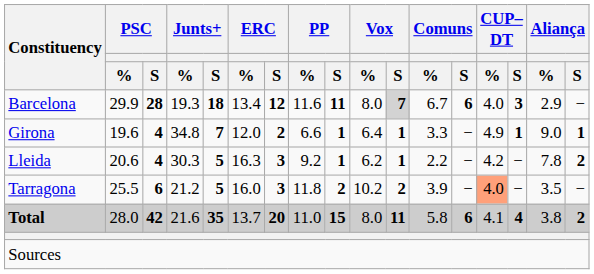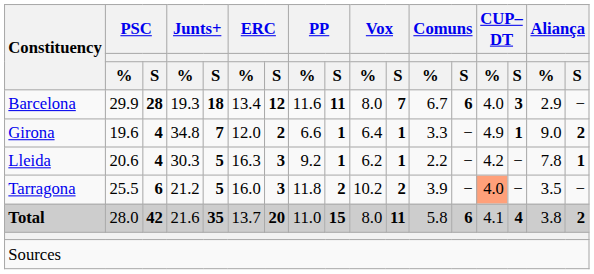 <table class="wikitable sortable" style="text-align:right; line-height:20px;">
 <tr>
 <th rowspan="3">Constituency</th>
 <th colspan="2" width="30px" class="unsortable"><a href='#'>PSC</a></th>
 <th colspan="2" width="30px" class="unsortable"><a href='#'>Junts+</a></th>
 <th colspan="2" width="30px" class="unsortable"><a href='#'>ERC</a></th>
 <th colspan="2" width="30px" class="unsortable"><a href='#'>PP</a></th>
 <th colspan="2" width="30px" class="unsortable"><a href='#'>Vox</a></th>
 <th colspan="2" width="30px" class="unsortable"><a href='#'>Comuns</a></th>
 <th colspan="2" width="30px" class="unsortable"><a href='#'>CUP–DT</a></th>
 <th colspan="2" width="30px" class="unsortable"><a href='#'>Aliança</a></th>
 </tr>
 <tr>
 <th colspan="2" style="background:"></th>
 <th colspan="2" style="background:"></th>
 <th colspan="2" style="background:"></th>
 <th colspan="2" style="background:"></th>
 <th colspan="2" style="background:"></th>
 <th colspan="2" style="background:"></th>
 <th colspan="2" style="background:"></th>
 <th colspan="2" style="background:"></th>
 </tr>
 <tr>
 <th data-sort-type="number">%</th>
 <th data-sort-type="number">S</th>
 <th data-sort-type="number">%</th>
 <th data-sort-type="number">S</th>
 <th data-sort-type="number">%</th>
 <th data-sort-type="number">S</th>
 <th data-sort-type="number">%</th>
 <th data-sort-type="number">S</th>
 <th data-sort-type="number">%</th>
 <th data-sort-type="number">S</th>
 <th data-sort-type="number">%</th>
 <th data-sort-type="number">S</th>
 <th data-sort-type="number">%</th>
 <th data-sort-type="number">S</th>
 <th data-sort-type="number">%</th>
 <th data-sort-type="number">S</th>
 </tr>
 <tr>
 <td align="left"><a href='#'>Barcelona</a></td>
 <td style="background:">29.9</td>
 <td><strong>28</strong></td>
 <td>19.3</td>
 <td><strong>18</strong></td>
 <td>13.4</td>
 <td><strong>12</strong></td>
 <td>11.6</td>
 <td><strong>11</strong></td>
 <td>8.0</td>
-<td style="background: lightgrey;"><strong>7</strong></td>
+<td><strong>7</strong></td>
 <td>6.7</td>
 <td><strong>6</strong></td>
 <td>4.0</td>
 <td><strong>3</strong></td>
 <td>2.9</td>
 <td>−</td>
 </tr>
 <tr>
 <td align="left"><a href='#'>Girona</a></td>
 <td>19.6</td>
 <td><strong>4</strong></td>
 <td style="background:">34.8</td>
 <td><strong>7</strong></td>
 <td>12.0</td>
 <td><strong>2</strong></td>
 <td>6.6</td>
 <td><strong>1</strong></td>
 <td>6.4</td>
 <td><strong>1</strong></td>
 <td>3.3</td>
 <td>−</td>
 <td>4.9</td>
 <td><strong>1</strong></td>
 <td>9.0</td>
-<td><strong>1</strong></td>
+<td><strong>2</strong></td>
 </tr>
 <tr>
 <td align="left"><a href='#'>Lleida</a></td>
 <td>20.6</td>
 <td><strong>4</strong></td>
 <td style="background:">30.3</td>
 <td><strong>5</strong></td>
 <td>16.3</td>
 <td><strong>3</strong></td>
 <td>9.2</td>
 <td><strong>1</strong></td>
 <td>6.2</td>
 <td><strong>1</strong></td>
 <td>2.2</td>
 <td>−</td>
 <td>4.2</td>
 <td>−</td>
 <td>7.8</td>
-<td><strong>2</strong></td>
+<td><strong>1</strong></td>
 </tr>
 <tr>
 <td align="left"><a href='#'>Tarragona</a></td>
 <td style="background:">25.5</td>
 <td><strong>6</strong></td>
 <td>21.2</td>
 <td><strong>5</strong></td>
 <td>16.0</td>
 <td><strong>3</strong></td>
 <td>11.8</td>
 <td><strong>2</strong></td>
 <td>10.2</td>
 <td><strong>2</strong></td>
 <td>3.9</td>
 <td>−</td>
 <td style="background: lightsalmon;">4.0</td>
 <td>−</td>
 <td>3.5</td>
 <td>−</td>
 </tr>
 <tr style="background:#CDCDCD;">
 <td align="left"><strong>Total</strong></td>
 <td style="background:">28.0</td>
 <td><strong>42</strong></td>
 <td>21.6</td>
 <td><strong>35</strong></td>
 <td>13.7</td>
 <td><strong>20</strong></td>
 <td>11.0</td>
 <td><strong>15</strong></td>
 <td>8.0</td>
 <td><strong>11</strong></td>
 <td>5.8</td>
 <td><strong>6</strong></td>
 <td>4.1</td>
 <td><strong>4</strong></td>
 <td>3.8</td>
 <td><strong>2</strong></td>
 </tr>
 <tr>
 <th colspan="19"></th>
 </tr>
 <tr>
 <th style="text-align:left; font-weight:normal; background:#F9F9F9" colspan="19">Sources</th>
 </tr>
 </table>
